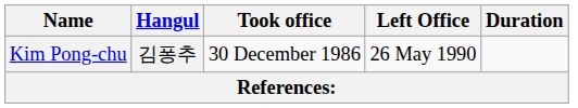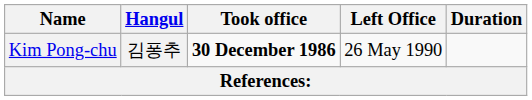 <table class="wikitable sortable">
 <tr>
 <th>Name</th>
 <th class="unsortable"><a href='#'>Hangul</a></th>
 <th>Took office</th>
 <th>Left Office</th>
 <th>Duration</th>
 </tr>
 <tr>
 <th align="center" scope="row" style="font-weight:normal;"><a href='#'>Kim Pong-chu</a></th>
 <th align="center" scope="row" style="font-weight:normal;">김퐁추</th>
-<td align="center">30 December 1986</td>
+<td align="center"><strong>30 December 1986</strong></td>
 <td align="center">26 May 1990</td>
 <td align="center"></td>
 </tr>
 <tr>
 <th colspan="5" unsortable><strong>References:</strong><br></th>
 </tr>
 </table>
